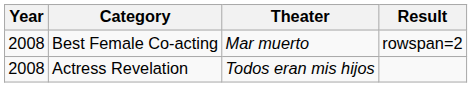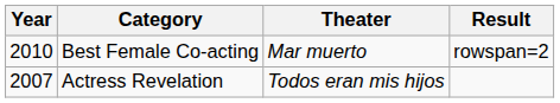 <table class="wikitable">
 <tr>
 <th>Year</th>
 <th>Category</th>
 <th>Theater</th>
 <th>Result</th>
 </tr>
 <tr>
-<td>2008</td>
+<td>2010</td>
 <td>Best Female Co-acting</td>
 <td><em>Mar muerto</em></td>
 <td>rowspan=2 </td>
 </tr>
 <tr>
-<td>2008</td>
+<td>2007</td>
 <td>Actress Revelation</td>
 <td><em>Todos eran mis hijos</em></td>
 </tr>
 </table>
